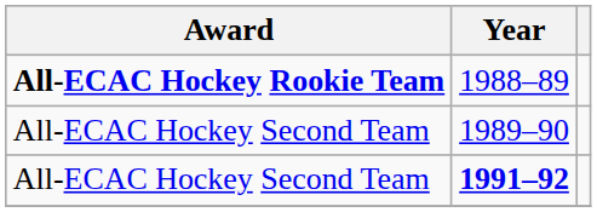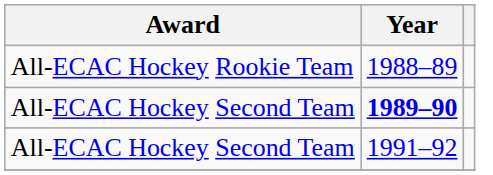 <table class="wikitable">
 <tr>
 <th>Award</th>
 <th>Year</th>
 <th></th>
 </tr>
 <tr>
-<td><strong>All-<a href='#'>ECAC Hockey</a> <a href='#'>Rookie Team</a></strong></td>
+<td>All-<a href='#'>ECAC Hockey</a> <a href='#'>Rookie Team</a></td>
 <td><a href='#'>1988–89</a></td>
 <td></td>
 </tr>
 <tr>
 <td>All-<a href='#'>ECAC Hockey</a> <a href='#'>Second Team</a></td>
-<td><a href='#'>1989–90</a></td>
+<td><strong><a href='#'>1989–90</a></strong></td>
 <td></td>
 </tr>
 <tr>
 <td>All-<a href='#'>ECAC Hockey</a> <a href='#'>Second Team</a></td>
-<td><strong><a href='#'>1991–92</a></strong></td>
+<td><a href='#'>1991–92</a></td>
 <td></td>
 </tr>
 <tr>
 </tr>
 </table>
